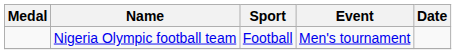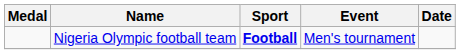 <table class="wikitable sortable"  style="font-size:95%">
 <tr>
 <th>Medal</th>
 <th>Name</th>
 <th>Sport</th>
 <th>Event</th>
 <th>Date</th>
 </tr>
 <tr>
 <td></td>
 <td><a href='#'>Nigeria Olympic football team</a><br></td>
-<td><a href='#'>Football</a></td>
+<td><strong><a href='#'>Football</a></strong></td>
 <td><a href='#'>Men's tournament</a></td>
 <td></td>
 </tr>
 <tr>
 </tr>
 </table>
